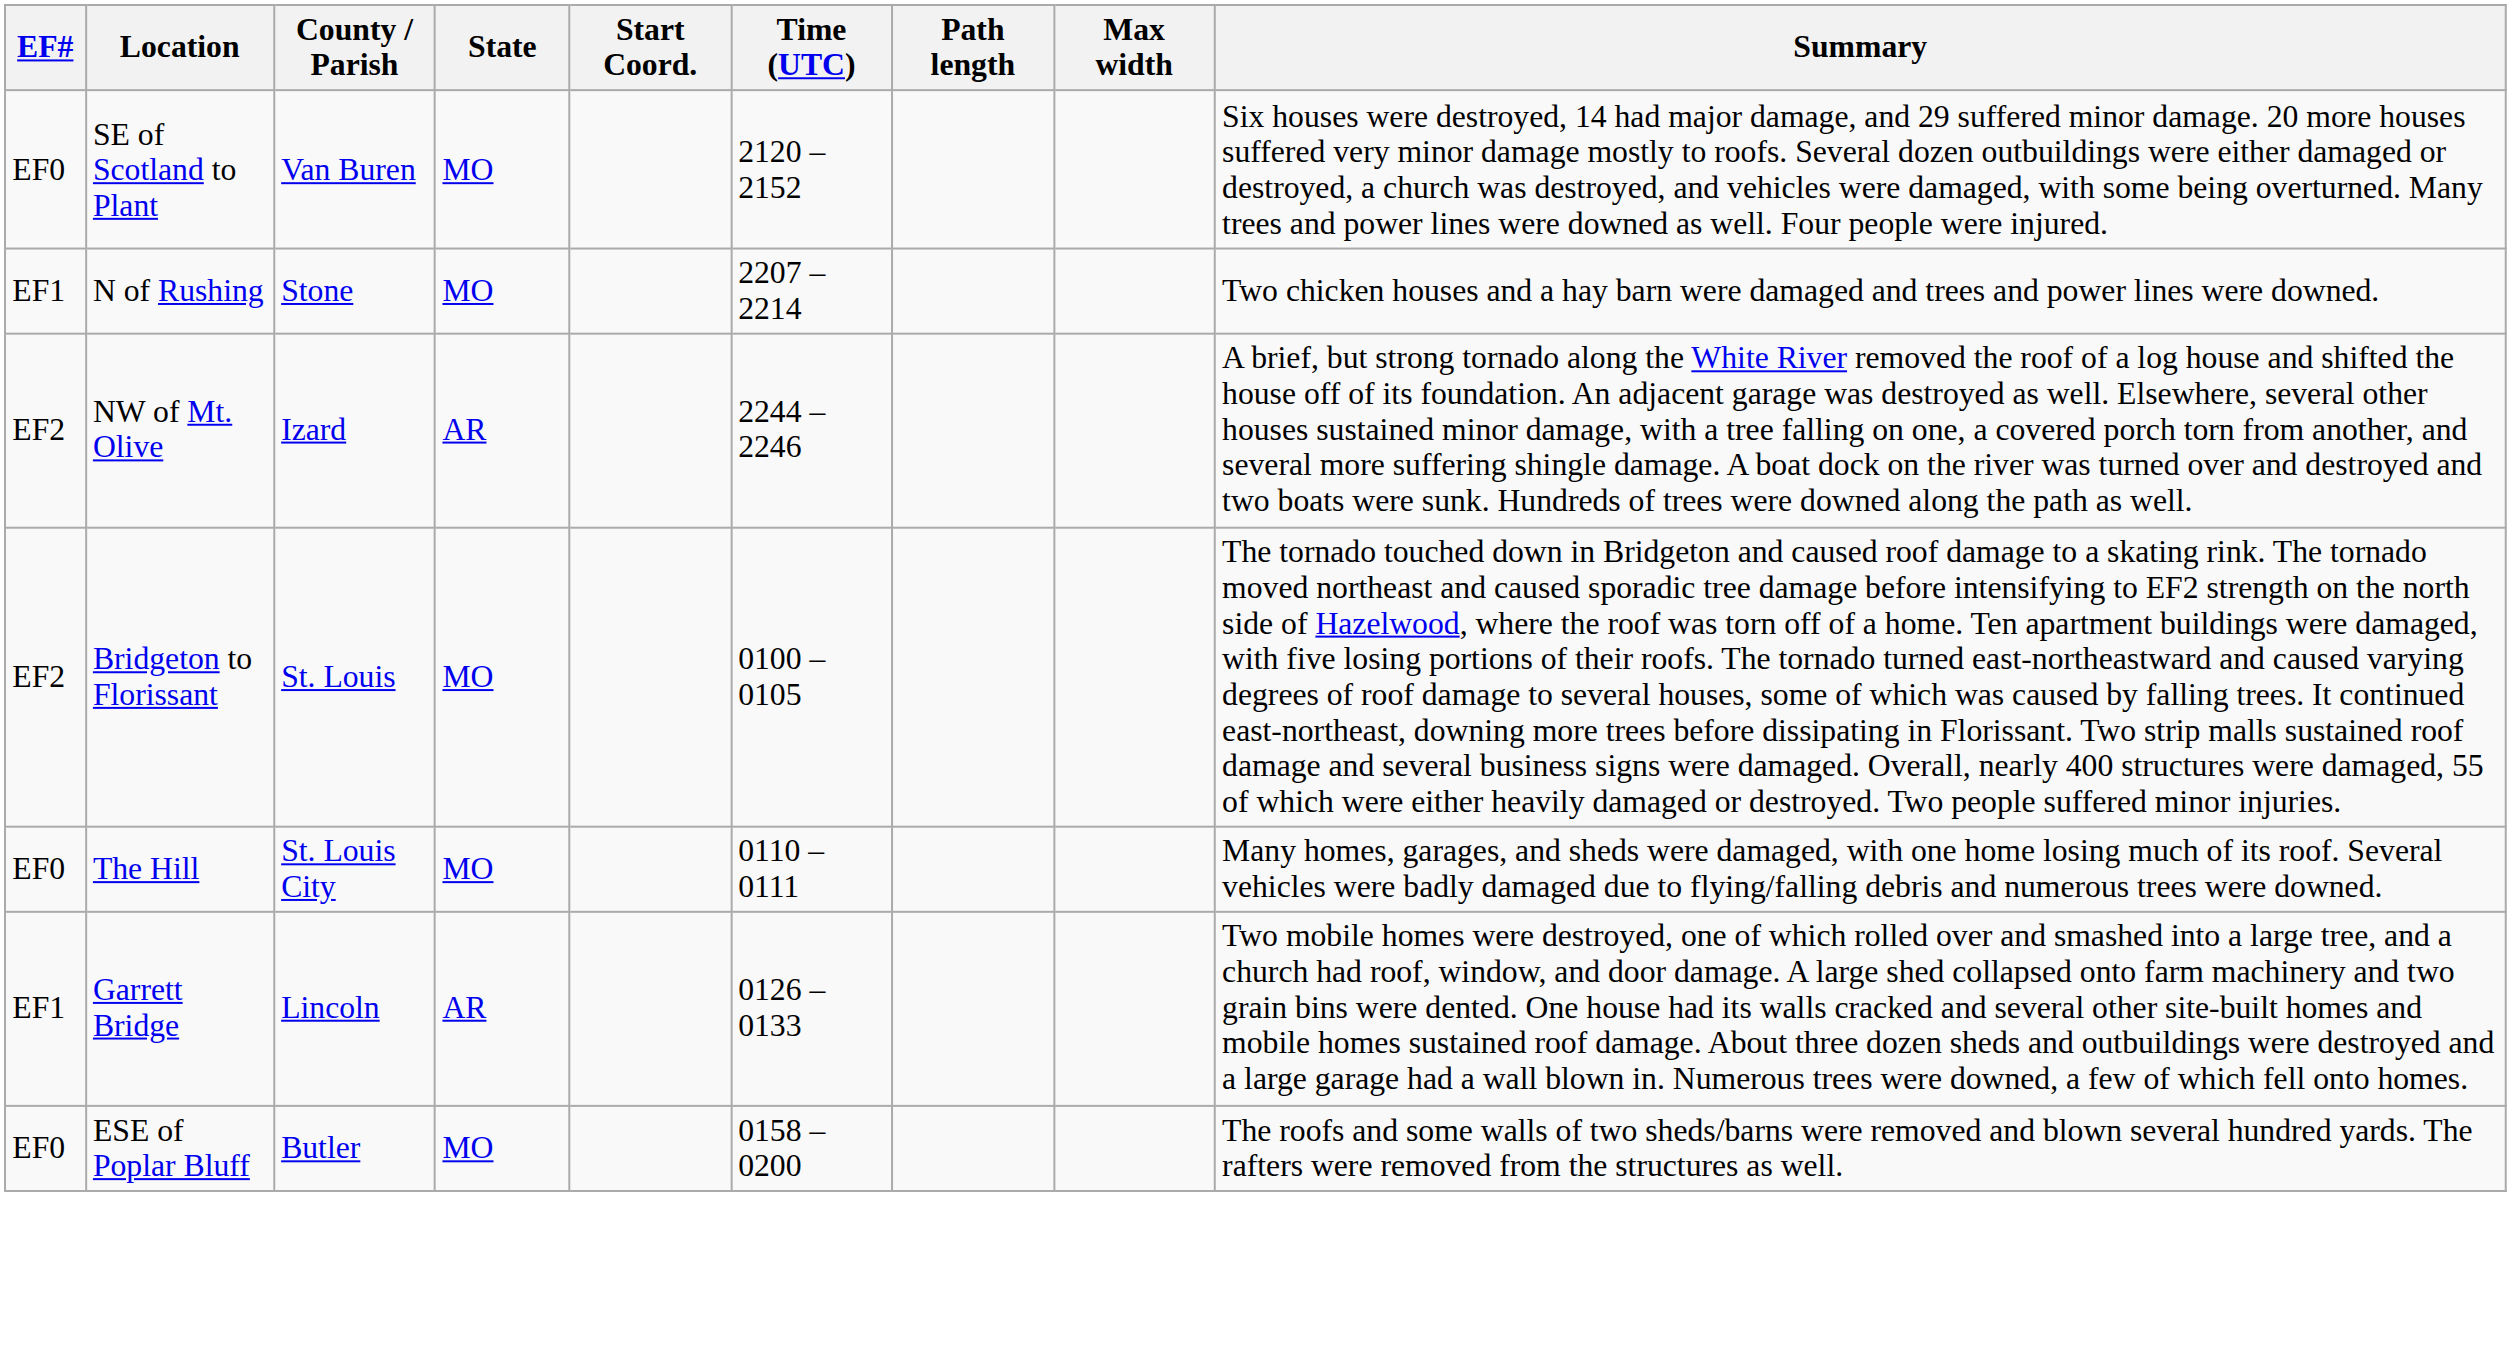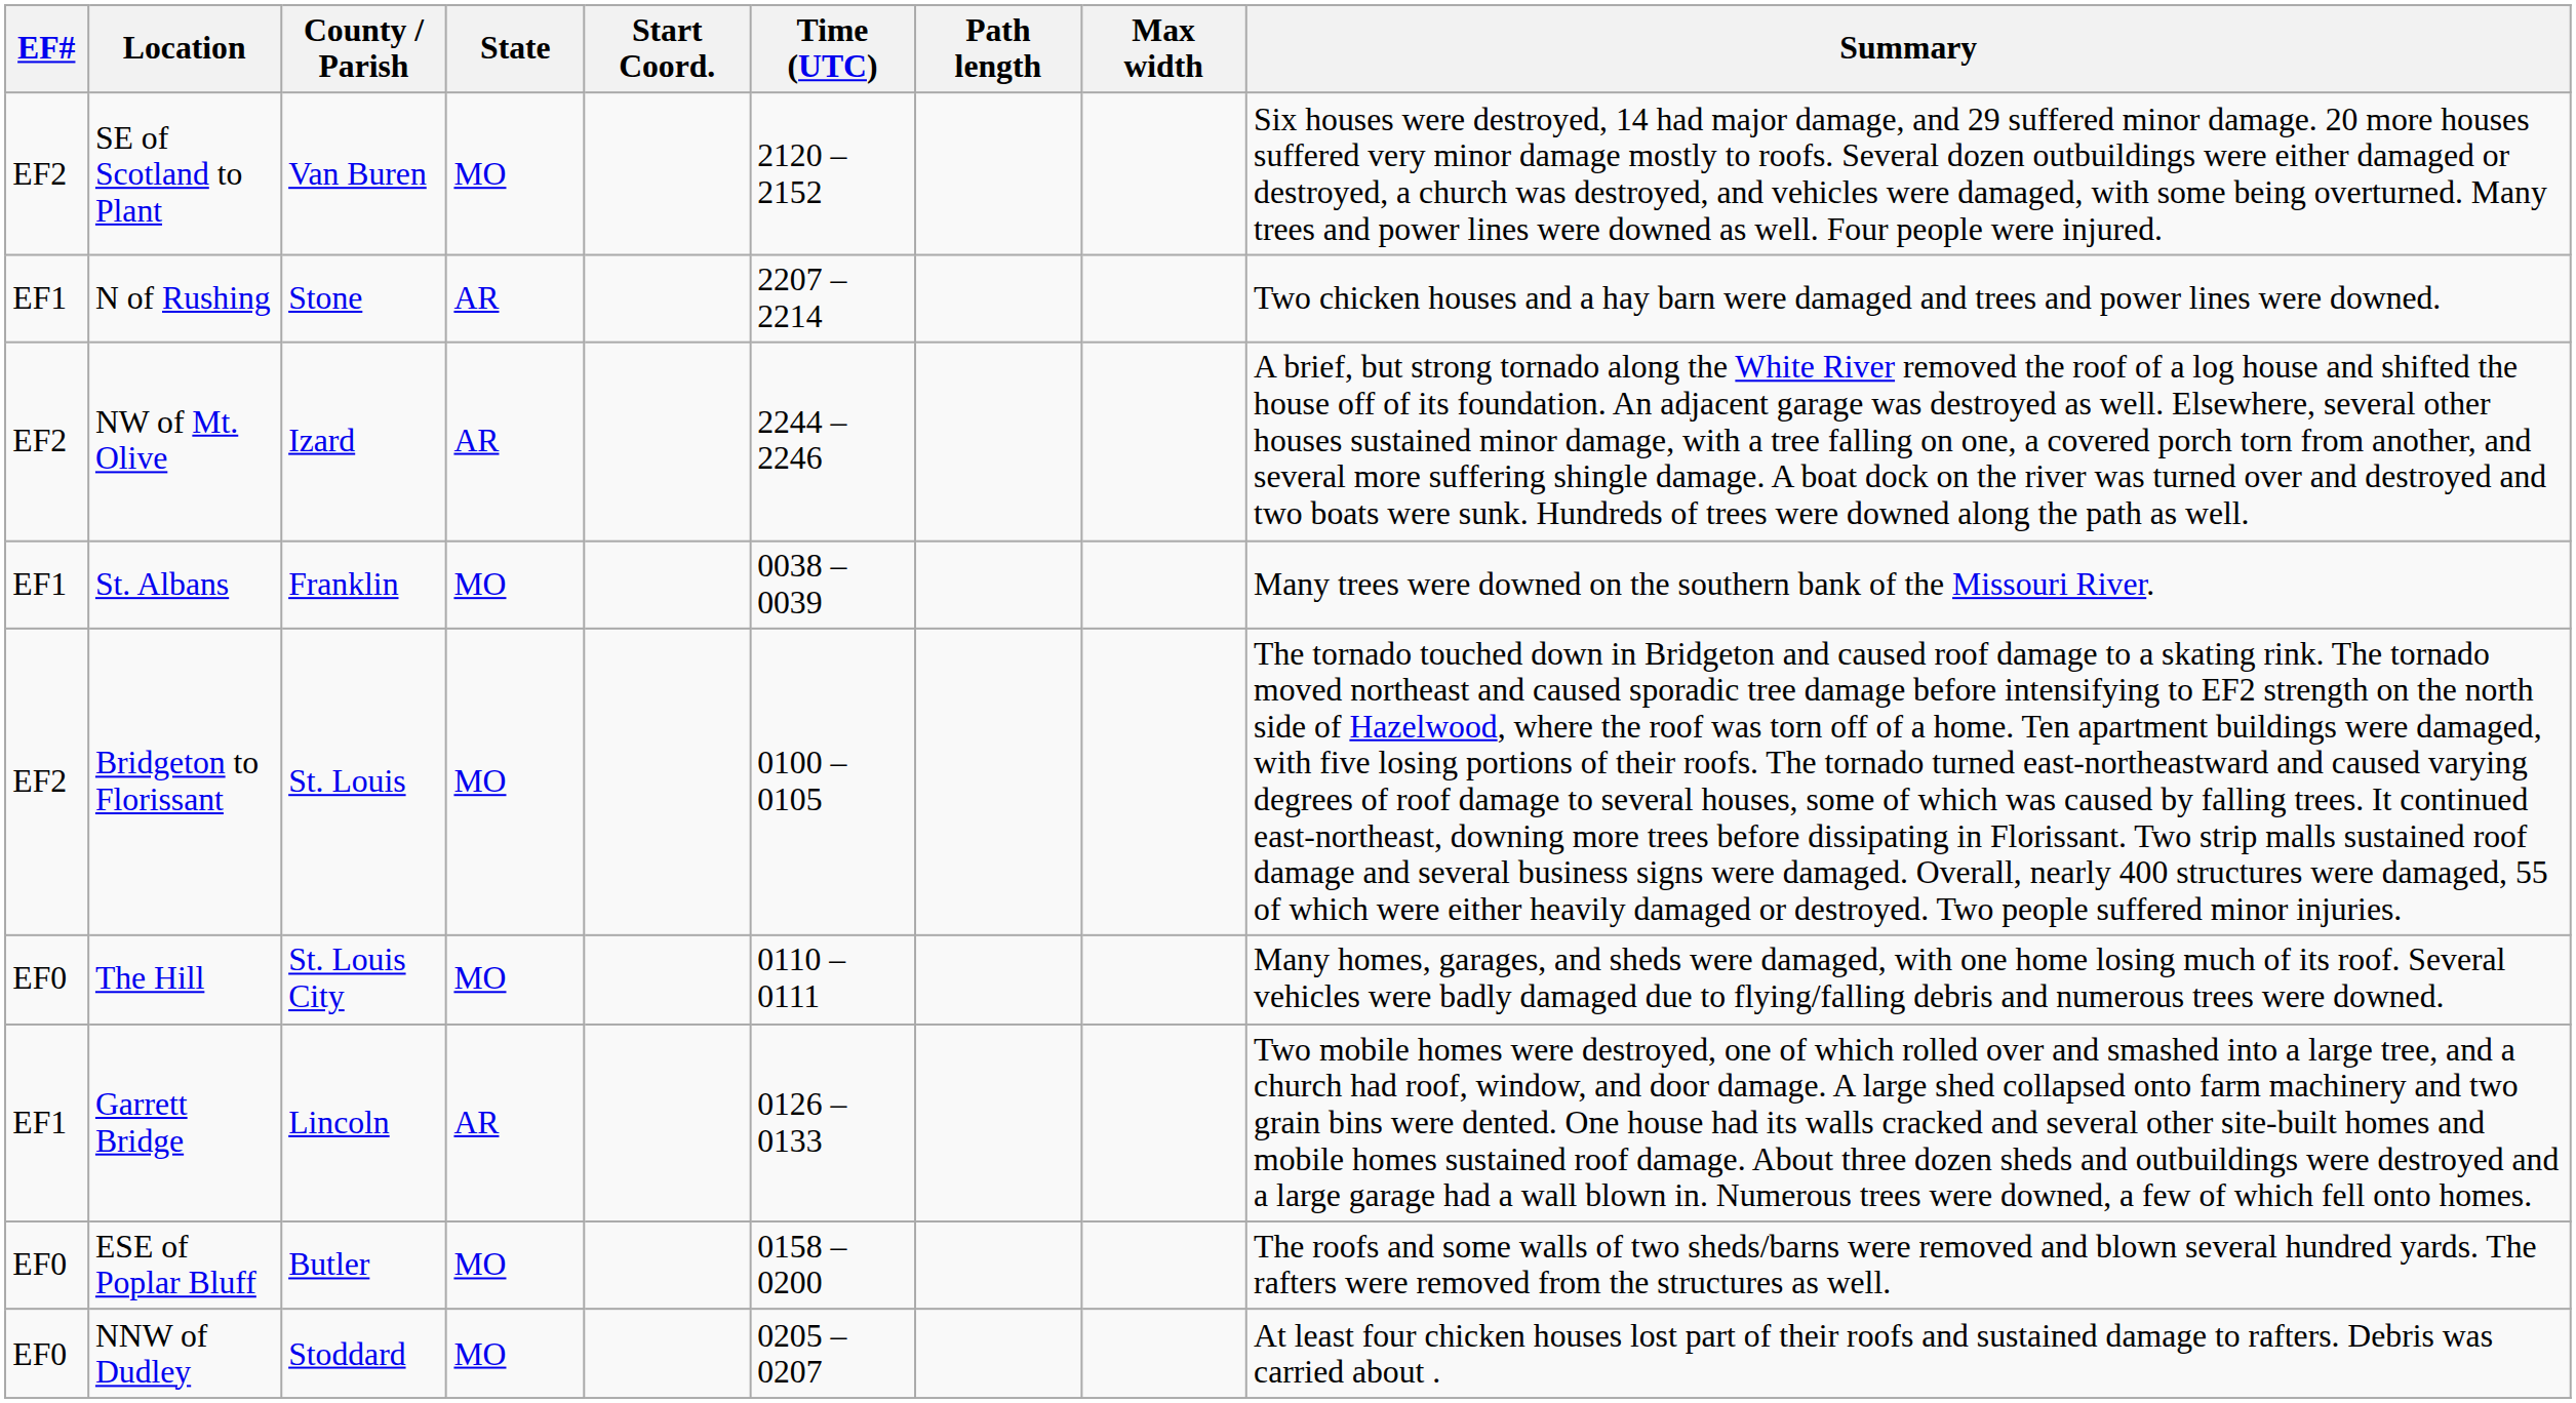 <table class="wikitable sortable" style="width:100%;">
 <tr>
 <th scope="col"  style="width:3%; text-align:center;"><a href='#'>EF#</a></th>
 <th scope="col"  style="width:7%; text-align:center;" class="unsortable">Location</th>
 <th scope="col"  style="width:6%; text-align:center;" class="unsortable">County / Parish</th>
 <th scope="col"  style="width:5%; text-align:center;">State</th>
 <th scope="col"  style="width:6%; text-align:center;">Start Coord.</th>
 <th scope="col"  style="width:6%; text-align:center;">Time (<a href='#'>UTC</a>)</th>
 <th scope="col"  style="width:6%; text-align:center;">Path length</th>
 <th scope="col"  style="width:6%; text-align:center;">Max width</th>
 <th scope="col" class="unsortable" style="width:48%; text-align:center;">Summary</th>
 </tr>
 <tr>
-<td>EF0</td>
+<td>EF2</td>
 <td>SE of <a href='#'>Scotland</a> to <a href='#'>Plant</a></td>
 <td><a href='#'>Van Buren</a></td>
 <td><a href='#'>MO</a></td>
 <td></td>
 <td>2120 – 2152</td>
 <td></td>
 <td></td>
 <td>Six houses were destroyed, 14 had major damage, and 29 suffered minor damage. 20 more houses suffered very minor damage mostly to roofs. Several dozen outbuildings were either damaged or destroyed, a church was destroyed, and vehicles were damaged, with some being overturned. Many trees and power lines were downed as well. Four people were injured.</td>
 </tr>
 <tr>
 <td>EF1</td>
 <td>N of <a href='#'>Rushing</a></td>
 <td><a href='#'>Stone</a></td>
-<td><a href='#'>MO</a></td>
+<td><a href='#'>AR</a></td>
 <td></td>
 <td>2207 – 2214</td>
 <td></td>
 <td></td>
 <td>Two chicken houses and a hay barn were damaged and trees and power lines were downed.</td>
 </tr>
 <tr>
 <td>EF2</td>
 <td>NW of <a href='#'>Mt. Olive</a></td>
 <td><a href='#'>Izard</a></td>
 <td><a href='#'>AR</a></td>
 <td></td>
 <td>2244 – 2246</td>
 <td></td>
 <td></td>
 <td>A brief, but strong tornado along the <a href='#'>White River</a> removed the roof of a log house and shifted the house off of its foundation. An adjacent garage was destroyed as well. Elsewhere, several other houses sustained minor damage, with a tree falling on one, a covered porch torn from another, and several more suffering shingle damage. A boat dock on the river was turned over and destroyed and two boats were sunk. Hundreds of trees were downed along the path as well.</td>
+</tr>
+<tr>
+<td>EF1</td>
+<td><a href='#'>St. Albans</a></td>
+<td><a href='#'>Franklin</a></td>
+<td><a href='#'>MO</a></td>
+<td></td>
+<td>0038 – 0039</td>
+<td></td>
+<td></td>
+<td>Many trees were downed on the southern bank of the <a href='#'>Missouri River</a>.</td>
 </tr>
 <tr>
 <td>EF2</td>
 <td><a href='#'>Bridgeton</a> to <a href='#'>Florissant</a></td>
 <td><a href='#'>St. Louis</a></td>
 <td><a href='#'>MO</a></td>
 <td></td>
 <td>0100 – 0105</td>
 <td></td>
 <td></td>
 <td>The tornado touched down in Bridgeton and caused roof damage to a skating rink. The tornado moved northeast and caused sporadic tree damage before intensifying to EF2 strength on the north side of <a href='#'>Hazelwood</a>, where the roof was torn off of a home. Ten apartment buildings were damaged, with five losing portions of their roofs. The tornado turned east-northeastward and caused varying degrees of roof damage to several houses, some of which was caused by falling trees. It continued east-northeast, downing more trees before dissipating in Florissant. Two strip malls sustained roof damage and several business signs were damaged. Overall, nearly 400 structures were damaged, 55 of which were either heavily damaged or destroyed. Two people suffered minor injuries.</td>
 </tr>
 <tr>
 <td>EF0</td>
 <td><a href='#'>The Hill</a></td>
 <td><a href='#'>St. Louis City</a></td>
 <td><a href='#'>MO</a></td>
 <td></td>
 <td>0110 – 0111</td>
 <td></td>
 <td></td>
 <td>Many homes, garages, and sheds were damaged, with one home losing much of its roof. Several vehicles were badly damaged due to flying/falling debris and numerous trees were downed.</td>
 </tr>
 <tr>
 <td>EF1</td>
 <td><a href='#'>Garrett Bridge</a></td>
 <td><a href='#'>Lincoln</a></td>
 <td><a href='#'>AR</a></td>
 <td></td>
 <td>0126 – 0133</td>
 <td></td>
 <td></td>
 <td>Two mobile homes were destroyed, one of which rolled over and smashed into a large tree, and a church had roof, window, and door damage. A large shed collapsed onto farm machinery and two grain bins were dented. One house had its walls cracked and several other site-built homes and mobile homes sustained roof damage. About three dozen sheds and outbuildings were destroyed and a large garage had a wall blown in. Numerous trees were downed, a few of which fell onto homes.</td>
 </tr>
 <tr>
 <td>EF0</td>
 <td>ESE of <a href='#'>Poplar Bluff</a></td>
 <td><a href='#'>Butler</a></td>
 <td><a href='#'>MO</a></td>
 <td></td>
 <td>0158 – 0200</td>
 <td></td>
 <td></td>
 <td>The roofs and some walls of two sheds/barns were removed and blown several hundred yards. The rafters were removed from the structures as well.</td>
 </tr>
 <tr>
+<td>EF0</td>
+<td>NNW of <a href='#'>Dudley</a></td>
+<td><a href='#'>Stoddard</a></td>
+<td><a href='#'>MO</a></td>
+<td></td>
+<td>0205 – 0207</td>
+<td></td>
+<td></td>
+<td>At least four chicken houses lost part of their roofs and sustained damage to rafters. Debris was carried about .</td>
+</tr>
+<tr>
 </tr>
 </table>
